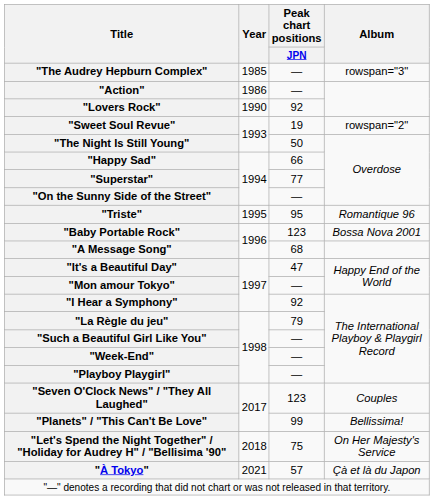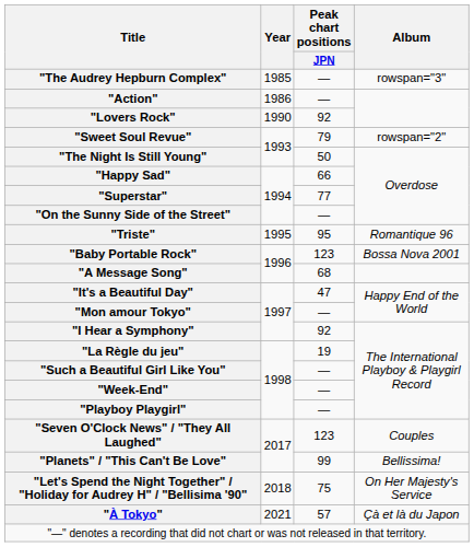 <table class="wikitable plainrowheaders" style="text-align:center;">
 <tr>
 <th scope="col" rowspan="2" style="width:20.5em;">Title</th>
 <th scope="col" rowspan="2">Year</th>
 <th scope="col" colspan="1">Peak chart positions</th>
 <th scope="col" rowspan="2">Album</th>
 </tr>
 <tr>
 <th scope="col" style="width:2.5em;font-size:90%;"><a href='#'>JPN</a><br></th>
 </tr>
 <tr>
 <th scope="row">"The Audrey Hepburn Complex"</th>
 <td>1985</td>
 <td>—</td>
 <td>rowspan="3" </td>
 </tr>
 <tr>
 <th scope="row">"Action"</th>
 <td>1986</td>
 <td>—</td>
 </tr>
 <tr>
 <th scope="row">"Lovers Rock"</th>
 <td>1990</td>
 <td>92</td>
 </tr>
 <tr>
 <th scope="row">"Sweet Soul Revue"</th>
 <td rowspan="2">1993</td>
-<td>19</td>
+<td>79</td>
 <td>rowspan="2" </td>
 </tr>
 <tr>
 <th scope="row">"The Night Is Still Young"</th>
 <td>50</td>
 <td rowspan="4"><em>Overdose</em></td>
 </tr>
 <tr>
 <th scope="row">"Happy Sad"</th>
 <td rowspan="3">1994</td>
 <td>66</td>
 </tr>
 <tr>
 <th scope="row">"Superstar"</th>
 <td>77</td>
 </tr>
 <tr>
 <th scope="row">"On the Sunny Side of the Street"</th>
 <td>—</td>
 </tr>
 <tr>
 <th scope="row">"Triste"</th>
 <td>1995</td>
 <td>95</td>
 <td><em>Romantique 96</em></td>
 </tr>
 <tr>
 <th scope="row">"Baby Portable Rock"</th>
 <td rowspan="2">1996</td>
 <td>123</td>
 <td><em>Bossa Nova 2001</em></td>
 </tr>
 <tr>
 <th scope="row">"A Message Song"</th>
 <td>68</td>
 </tr>
 <tr>
 <th scope="row">"It's a Beautiful Day"</th>
 <td rowspan="3">1997</td>
 <td>47</td>
 <td rowspan="2"><em>Happy End of the World</em></td>
 </tr>
 <tr>
 <th scope="row">"Mon amour Tokyo"</th>
 <td>—</td>
 </tr>
 <tr>
 <th scope="row">"I Hear a Symphony"</th>
 <td>92</td>
 <td rowspan="5"><em>The International Playboy & Playgirl Record</em></td>
 </tr>
 <tr>
 <th scope="row">"La Règle du jeu"</th>
 <td rowspan="4">1998</td>
-<td>79</td>
+<td>19</td>
 </tr>
 <tr>
 <th scope="row">"Such a Beautiful Girl Like You"</th>
 <td>—</td>
 </tr>
 <tr>
 <th scope="row">"Week-End"</th>
 <td>—</td>
 </tr>
 <tr>
 <th scope="row">"Playboy Playgirl"</th>
 <td>—</td>
 </tr>
 <tr>
 <th scope="row">"Seven O'Clock News" / "They All Laughed"</th>
 <td rowspan="2">2017</td>
 <td>123</td>
 <td><em>Couples</em></td>
 </tr>
 <tr>
 <th scope="row">"Planets" / "This Can't Be Love"</th>
 <td>99</td>
 <td><em>Bellissima!</em></td>
 </tr>
 <tr>
 <th scope="row">"Let's Spend the Night Together" / "Holiday for Audrey H" / "Bellisima '90"</th>
 <td>2018</td>
 <td>75</td>
 <td><em>On Her Majesty's Service</em></td>
 </tr>
 <tr>
 <th scope="row">"<a href='#'>À Tokyo</a>"<br></th>
 <td>2021</td>
 <td>57</td>
 <td><em>Çà et là du Japon</em></td>
 </tr>
 <tr>
 <td colspan="4" style="font-size:90%">"—" denotes a recording that did not chart or was not released in that territory.</td>
 </tr>
 </table>
